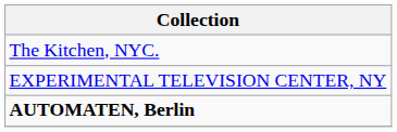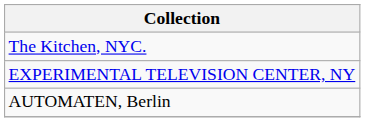 <table class="wikitable">
 <tr>
 <th>Collection</th>
 </tr>
 <tr>
 <td><a href='#'>The Kitchen, NYC.</a></td>
 </tr>
 <tr>
 <td><a href='#'>EXPERIMENTAL TELEVISION CENTER, NY</a></td>
 </tr>
 <tr>
-<td><strong>AUTOMATEN, Berlin</strong></td>
+<td>AUTOMATEN, Berlin</td>
 </tr>
 <tr>
 </tr>
 </table>
